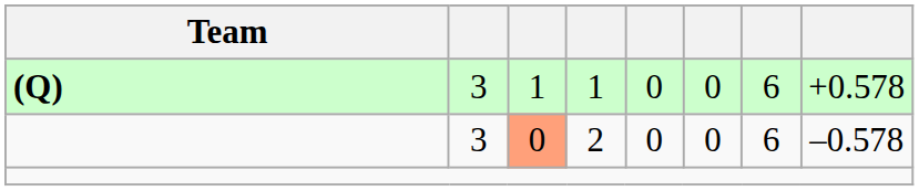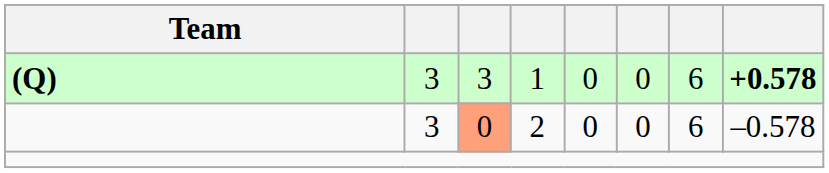 <table class="wikitable" style="text-align:center">
 <tr>
 <th width=200>Team</th>
 <th width=20></th>
 <th width=20></th>
 <th width=20></th>
 <th width=20></th>
 <th width=20></th>
 <th width=20></th>
 <th width=45></th>
 </tr>
 <tr style="background:#cfc;">
 <td align="left"> <strong>(Q)</strong></td>
 <td>3</td>
-<td>1</td>
+<td>3</td>
 <td>1</td>
 <td>0</td>
 <td>0</td>
 <td>6</td>
-<td>+0.578</td>
+<td><strong>+0.578</strong></td>
 </tr>
 <tr>
 <td align="left"></td>
 <td>3</td>
 <td style="background: lightsalmon;">0</td>
 <td>2</td>
 <td>0</td>
 <td>0</td>
 <td>6</td>
 <td>–0.578</td>
 </tr>
 <tr>
 <td colspan=8 align=right></td>
 </tr>
 </table>
